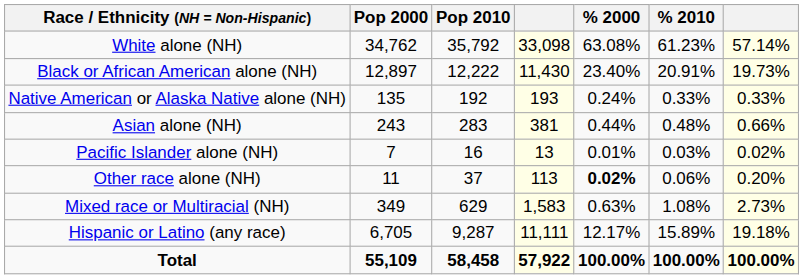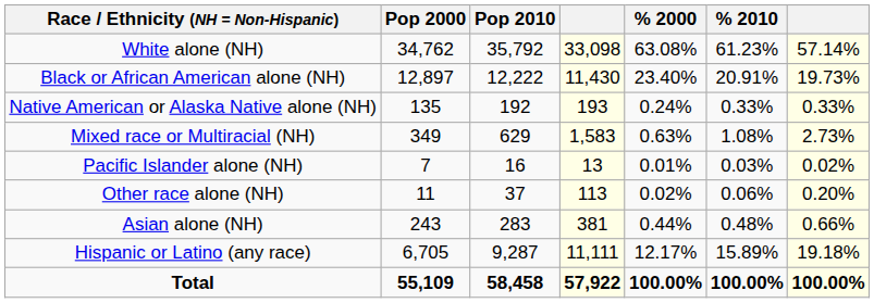 <table class="wikitable" style="text-align:center;">
 <tr>
 <th>Race / Ethnicity <small>(<em>NH = Non-Hispanic</em>)</small></th>
 <th>Pop 2000</th>
 <th>Pop 2010</th>
 <th></th>
 <th>% 2000</th>
 <th>% 2010</th>
 <th></th>
 </tr>
 <tr>
 <td><a href='#'>White</a> alone (NH)</td>
 <td>34,762</td>
 <td>35,792</td>
 <td style='background: #ffffe6;'>33,098</td>
 <td>63.08%</td>
 <td>61.23%</td>
 <td style='background: #ffffe6;'>57.14%</td>
 </tr>
 <tr>
 <td><a href='#'>Black or African American</a> alone (NH)</td>
 <td>12,897</td>
 <td>12,222</td>
 <td style='background: #ffffe6;'>11,430</td>
 <td>23.40%</td>
 <td>20.91%</td>
 <td style='background: #ffffe6;'>19.73%</td>
 </tr>
 <tr>
 <td><a href='#'>Native American</a> or <a href='#'>Alaska Native</a> alone (NH)</td>
 <td>135</td>
 <td>192</td>
 <td style='background: #ffffe6;'>193</td>
 <td>0.24%</td>
 <td>0.33%</td>
 <td style='background: #ffffe6;'>0.33%</td>
 </tr>
 <tr>
-<td><a href='#'>Asian</a> alone (NH)</td>
-<td>243</td>
-<td>283</td>
-<td style='background: #ffffe6;'>381</td>
-<td>0.44%</td>
-<td>0.48%</td>
-<td style='background: #ffffe6;'>0.66%</td>
+<td><a href='#'>Mixed race or Multiracial</a> (NH)</td>
+<td>349</td>
+<td>629</td>
+<td style='background: #ffffe6;'>1,583</td>
+<td>0.63%</td>
+<td>1.08%</td>
+<td style='background: #ffffe6;'>2.73%</td>
 </tr>
 <tr>
 <td><a href='#'>Pacific Islander</a> alone (NH)</td>
 <td>7</td>
 <td>16</td>
 <td style='background: #ffffe6;'>13</td>
 <td>0.01%</td>
 <td>0.03%</td>
 <td style='background: #ffffe6;'>0.02%</td>
 </tr>
 <tr>
 <td><a href='#'>Other race</a> alone (NH)</td>
 <td>11</td>
 <td>37</td>
 <td style='background: #ffffe6;'>113</td>
-<td><strong>0.02%</strong></td>
+<td>0.02%</td>
 <td>0.06%</td>
 <td style='background: #ffffe6;'>0.20%</td>
 </tr>
 <tr>
-<td><a href='#'>Mixed race or Multiracial</a> (NH)</td>
-<td>349</td>
-<td>629</td>
-<td style='background: #ffffe6;'>1,583</td>
-<td>0.63%</td>
-<td>1.08%</td>
-<td style='background: #ffffe6;'>2.73%</td>
+<td><a href='#'>Asian</a> alone (NH)</td>
+<td>243</td>
+<td>283</td>
+<td style='background: #ffffe6;'>381</td>
+<td>0.44%</td>
+<td>0.48%</td>
+<td style='background: #ffffe6;'>0.66%</td>
 </tr>
 <tr>
 <td><a href='#'>Hispanic or Latino</a> (any race)</td>
 <td>6,705</td>
 <td>9,287</td>
 <td style='background: #ffffe6;'>11,111</td>
 <td>12.17%</td>
 <td>15.89%</td>
 <td style='background: #ffffe6;'>19.18%</td>
 </tr>
 <tr>
 <td><strong>Total</strong></td>
 <td><strong>55,109</strong></td>
 <td><strong>58,458</strong></td>
 <td style='background: #ffffe6;'><strong>57,922</strong></td>
 <td><strong>100.00%</strong></td>
 <td><strong>100.00%</strong></td>
 <td style='background: #ffffe6;'><strong>100.00%</strong></td>
 </tr>
 </table>
